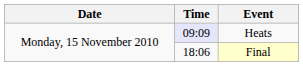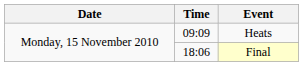 <table class = "wikitable" style="text-align:center;">
 <tr>
 <th width=220>Date</th>
 <th width=50>Time</th>
 <th width=100>Event</th>
 </tr>
 <tr>
 <td rowspan=2>Monday, 15 November 2010</td>
-<td style="background: lavender;">09:09</td>
+<td>09:09</td>
 <td>Heats</td>
 </tr>
 <tr>
 <td>18:06</td>
 <td bgcolor=ffffcc>Final</td>
 </tr>
 </table>
